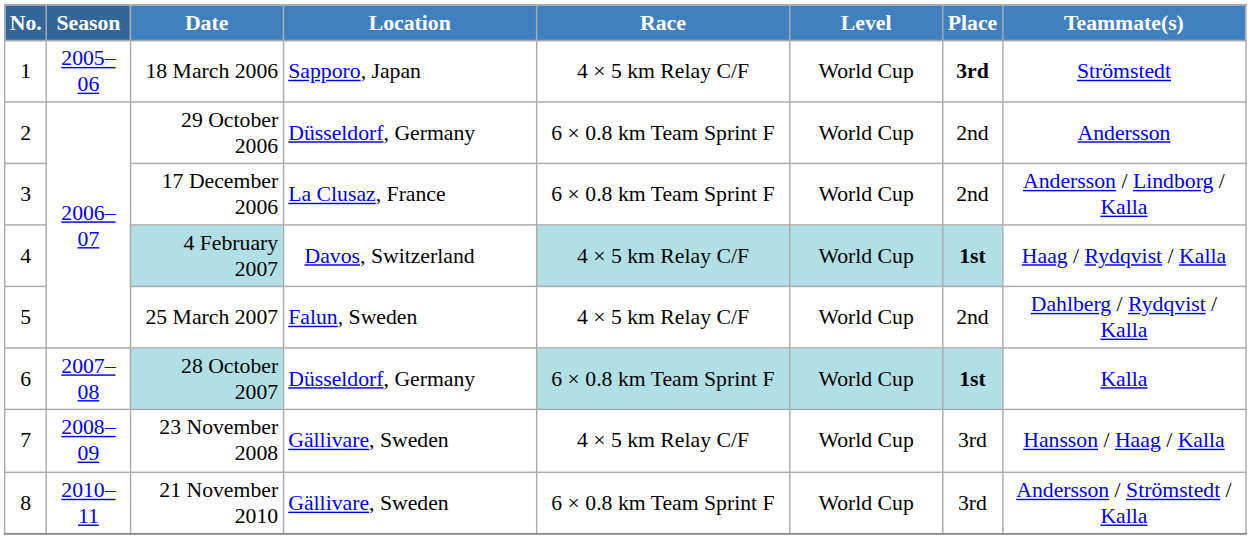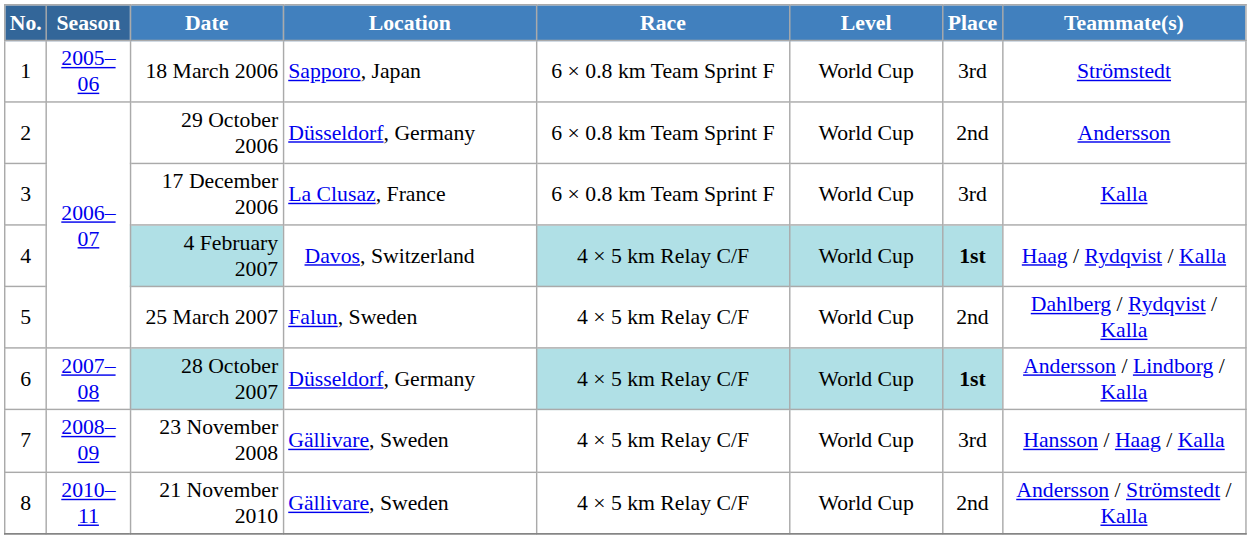 <table class="wikitable sortable" style="font-size:95%; text-align:center; border:grey solid 1px; border-collapse:collapse; background:#ffffff;">
 <tr style="background:#efefef;">
 <th style="background-color:#369; color:white;">No.</th>
 <th style="background-color:#369; color:white;">Season</th>
 <th style="background-color:#4180be; color:white; width:100px;">Date</th>
 <th style="background-color:#4180be; color:white; width:170px;">Location</th>
 <th style="background-color:#4180be; color:white; width:170px;">Race</th>
 <th style="background-color:#4180be; color:white; width:100px;">Level</th>
 <th style="background-color:#4180be; color:white;">Place</th>
 <th style="background-color:#4180be; color:white;">Teammate(s)</th>
 </tr>
 <tr>
 <td align=center>1</td>
 <td rowspan=1 align=center><a href='#'>2005–06</a></td>
 <td align=right>18 March 2006</td>
 <td align=left> <a href='#'>Sapporo</a>, Japan</td>
-<td>4 × 5 km Relay C/F</td>
+<td>6 × 0.8 km Team Sprint F</td>
 <td>World Cup</td>
-<td><strong>3rd</strong></td>
+<td>3rd</td>
 <td><a href='#'>Strömstedt</a></td>
 </tr>
 <tr>
 <td align=center>2</td>
 <td rowspan=4 align=center><a href='#'>2006–07</a></td>
 <td align=right>29 October 2006</td>
 <td align=left> <a href='#'>Düsseldorf</a>, Germany</td>
 <td>6 × 0.8 km Team Sprint F</td>
 <td>World Cup</td>
 <td>2nd</td>
 <td><a href='#'>Andersson</a></td>
 </tr>
 <tr>
 <td align=center>3</td>
 <td align=right>17 December 2006</td>
 <td align=left> <a href='#'>La Clusaz</a>, France</td>
 <td>6 × 0.8 km Team Sprint F</td>
 <td>World Cup</td>
-<td>2nd</td>
-<td><a href='#'>Andersson</a> / <a href='#'>Lindborg</a> / <a href='#'>Kalla</a></td>
+<td>3rd</td>
+<td><a href='#'>Kalla</a></td>
 </tr>
 <tr>
 <td align=center>4</td>
 <td bgcolor="#BOEOE6" align=right>4 February 2007</td>
 <td align=left>   <a href='#'>Davos</a>, Switzerland</td>
 <td bgcolor="#BOEOE6">4 × 5 km Relay C/F</td>
 <td bgcolor="#BOEOE6">World Cup</td>
 <td bgcolor="#BOEOE6"><strong>1st</strong></td>
 <td><a href='#'>Haag</a> / <a href='#'>Rydqvist</a> / <a href='#'>Kalla</a></td>
 </tr>
 <tr>
 <td align=center>5</td>
 <td align=right>25 March 2007</td>
 <td align=left> <a href='#'>Falun</a>, Sweden</td>
 <td>4 × 5 km Relay C/F</td>
 <td>World Cup</td>
 <td>2nd</td>
 <td><a href='#'>Dahlberg</a> / <a href='#'>Rydqvist</a> / <a href='#'>Kalla</a></td>
 </tr>
 <tr>
 <td align=center>6</td>
 <td rowspan=1 align=center><a href='#'>2007–08</a></td>
 <td bgcolor="#BOEOE6" align=right>28 October 2007</td>
 <td align=left> <a href='#'>Düsseldorf</a>, Germany</td>
-<td bgcolor="#BOEOE6">6 × 0.8 km Team Sprint F</td>
+<td bgcolor="#BOEOE6">4 × 5 km Relay C/F</td>
 <td bgcolor="#BOEOE6">World Cup</td>
 <td bgcolor="#BOEOE6"><strong>1st</strong></td>
-<td><a href='#'>Kalla</a></td>
+<td><a href='#'>Andersson</a> / <a href='#'>Lindborg</a> / <a href='#'>Kalla</a></td>
 </tr>
 <tr>
 <td align=center>7</td>
 <td rowspan=1 align=center><a href='#'>2008–09</a></td>
 <td align=right>23 November 2008</td>
 <td align=left> <a href='#'>Gällivare</a>, Sweden</td>
 <td>4 × 5 km Relay C/F</td>
 <td>World Cup</td>
 <td>3rd</td>
 <td><a href='#'>Hansson</a> / <a href='#'>Haag</a> / <a href='#'>Kalla</a></td>
 </tr>
 <tr>
 <td align=center>8</td>
 <td rowspan=1 align=center><a href='#'>2010–11</a></td>
 <td align=right>21 November 2010</td>
 <td align=left> <a href='#'>Gällivare</a>, Sweden</td>
-<td>6 × 0.8 km Team Sprint F</td>
+<td>4 × 5 km Relay C/F</td>
 <td>World Cup</td>
-<td>3rd</td>
+<td>2nd</td>
 <td><a href='#'>Andersson</a> / <a href='#'>Strömstedt</a> / <a href='#'>Kalla</a></td>
 </tr>
 <tr>
 </tr>
 </table>
